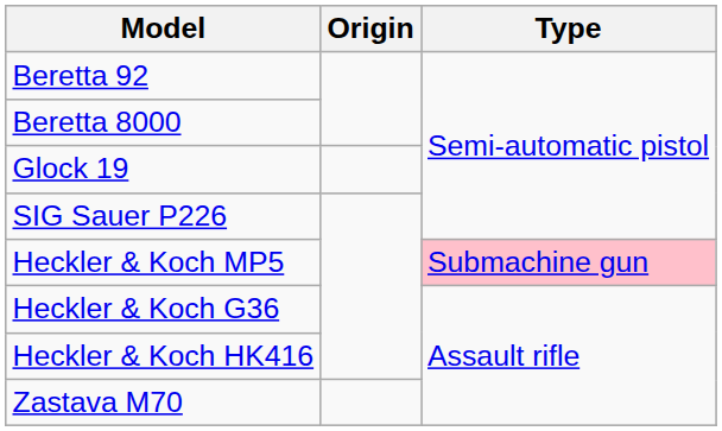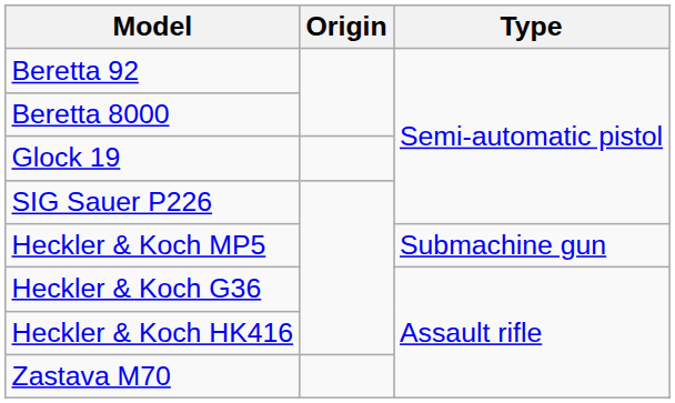 <table class="wikitable">
 <tr>
 <th>Model</th>
 <th>Origin</th>
 <th>Type</th>
 </tr>
 <tr>
 <td><a href='#'>Beretta 92</a></td>
 <td rowspan="2"></td>
 <td rowspan="4"><a href='#'>Semi-automatic pistol</a></td>
 </tr>
 <tr>
 <td><a href='#'>Beretta 8000</a></td>
 </tr>
 <tr>
 <td><a href='#'>Glock 19</a></td>
 <td></td>
 </tr>
 <tr>
 <td><a href='#'>SIG Sauer P226</a></td>
 <td rowspan="4"></td>
 </tr>
 <tr>
 <td><a href='#'>Heckler & Koch MP5</a></td>
-<td style="background: pink;"><a href='#'>Submachine gun</a></td>
+<td><a href='#'>Submachine gun</a></td>
 </tr>
 <tr>
 <td><a href='#'>Heckler & Koch G36</a></td>
 <td rowspan="3"><a href='#'>Assault rifle</a></td>
 </tr>
 <tr>
 <td><a href='#'>Heckler & Koch HK416</a></td>
 </tr>
 <tr>
 <td><a href='#'>Zastava M70</a></td>
 <td></td>
 </tr>
 </table>
